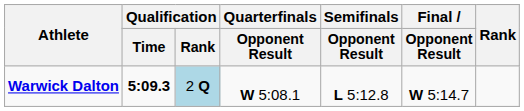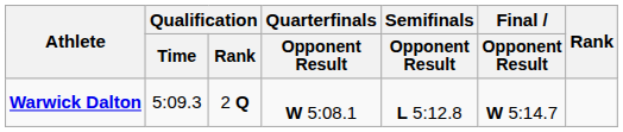 <table class="wikitable" style="font-size:90%;text-align:center;">
 <tr>
 <th rowspan=2>Athlete</th>
 <th colspan=2>Qualification</th>
 <th>Quarterfinals</th>
 <th>Semifinals</th>
 <th>Final / </th>
 <th rowspan=2>Rank</th>
 </tr>
 <tr style="font-size:95%">
 <th>Time</th>
 <th>Rank</th>
 <th>Opponent<br>Result</th>
 <th>Opponent<br>Result</th>
 <th>Opponent<br>Result</th>
 </tr>
 <tr>
 <td style="text-align:left;"><strong><a href='#'>Warwick Dalton</a></strong></td>
-<td><strong>5:09.3</strong></td>
-<td style="background: lightblue;">2 <strong>Q</strong></td>
+<td>5:09.3</td>
+<td>2 <strong>Q</strong></td>
 <td><br><strong>W</strong> 5:08.1</td>
 <td><br><strong>L</strong> 5:12.8</td>
 <td><br><strong>W</strong> 5:14.7</td>
 <td></td>
 </tr>
 </table>
